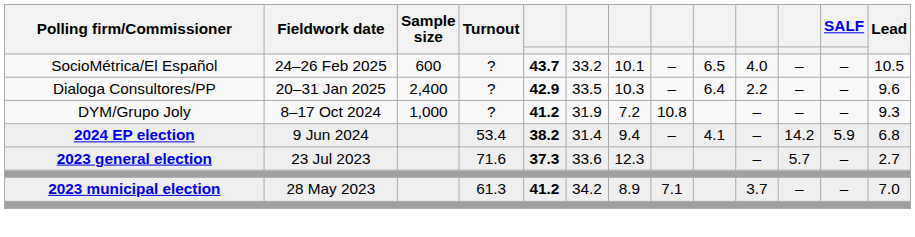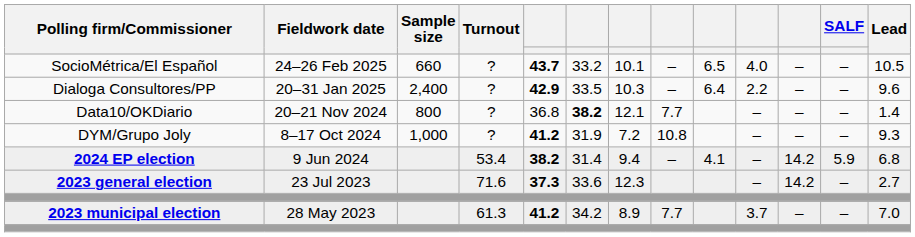 <table class="wikitable collapsible" style="text-align:center; font-size:95%; line-height:16px;">
 <tr style="height:42px;">
 <th style="width:250px;" rowspan="2">Polling firm/Commissioner</th>
 <th style="width:125px;" rowspan="2">Fieldwork date</th>
 <th style="width:50px;" rowspan="2">Sample size</th>
 <th style="width:45px;" rowspan="2">Turnout</th>
 <th style="width:35px;"></th>
 <th style="width:35px;"></th>
 <th style="width:35px;"></th>
 <th style="width:35px;"></th>
 <th style="width:35px;"></th>
 <th style="width:35px;"></th>
 <th style="width:35px;"></th>
 <th style="width:35px;"><a href='#'>SALF</a></th>
 <th style="width:30px;" rowspan="2">Lead</th>
 </tr>
 <tr>
 <th style="color:inherit;background:"></th>
 <th style="color:inherit;background:"></th>
 <th style="color:inherit;background:"></th>
 <th style="color:inherit;background:"></th>
 <th style="color:inherit;background:"></th>
 <th style="color:inherit;background:"></th>
 <th style="color:inherit;background:"></th>
 <th style="color:inherit;background:"></th>
 </tr>
 <tr>
 <td>SocioMétrica/El Español</td>
 <td>24–26 Feb 2025</td>
-<td>600</td>
+<td>660</td>
 <td>?</td>
 <td><strong>43.7</strong><br></td>
 <td>33.2<br></td>
 <td>10.1<br></td>
 <td>–</td>
 <td>6.5<br></td>
 <td>4.0<br></td>
 <td>–</td>
 <td>–</td>
 <td style="background:">10.5</td>
 </tr>
 <tr>
 <td>Dialoga Consultores/PP</td>
 <td>20–31 Jan 2025</td>
 <td>2,400</td>
 <td>?</td>
 <td><strong>42.9</strong><br></td>
 <td>33.5<br></td>
 <td>10.3<br></td>
 <td>–</td>
 <td>6.4<br></td>
 <td>2.2<br></td>
 <td>–</td>
 <td>–</td>
 <td style="background:">9.6</td>
+</tr>
+<tr>
+<td>Data10/OKDiario</td>
+<td>20–21 Nov 2024</td>
+<td>800</td>
+<td>?</td>
+<td>36.8<br></td>
+<td><strong>38.2</strong><br></td>
+<td>12.1<br></td>
+<td>7.7<br></td>
+<td></td>
+<td>–</td>
+<td>–</td>
+<td>–</td>
+<td style="background:">1.4</td>
 </tr>
 <tr>
 <td>DYM/Grupo Joly</td>
 <td>8–17 Oct 2024</td>
 <td>1,000</td>
 <td>?</td>
 <td><strong>41.2</strong><br></td>
 <td>31.9<br></td>
 <td>7.2<br></td>
 <td>10.8<br></td>
 <td></td>
 <td>–</td>
 <td>–</td>
 <td>–</td>
 <td style="background:">9.3</td>
 </tr>
 <tr style="background:#EFEFEF;">
 <td><strong><a href='#'>2024 EP election</a></strong></td>
 <td>9 Jun 2024</td>
 <td></td>
 <td>53.4</td>
 <td><strong>38.2</strong><br></td>
 <td>31.4<br></td>
 <td>9.4<br></td>
 <td>–</td>
 <td>4.1<br></td>
 <td>–</td>
 <td>14.2<br></td>
 <td>5.9<br></td>
 <td style="background:">6.8</td>
 </tr>
 <tr style="background:#EFEFEF;">
 <td><strong><a href='#'>2023 general election</a></strong></td>
 <td>23 Jul 2023</td>
 <td></td>
 <td>71.6</td>
 <td><strong>37.3</strong><br></td>
 <td>33.6<br></td>
 <td>12.3<br></td>
 <td></td>
 <td></td>
 <td>–</td>
-<td>5.7<br></td>
+<td>14.2<br></td>
 <td>–</td>
 <td style="background:">2.7</td>
 </tr>
 <tr>
 <td colspan="13" style="background:#A0A0A0"></td>
 </tr>
 <tr style="background:#EFEFEF;">
 <td><strong><a href='#'>2023 municipal election</a></strong></td>
 <td>28 May 2023</td>
 <td></td>
 <td>61.3</td>
 <td><strong>41.2</strong><br></td>
 <td>34.2<br></td>
 <td>8.9<br></td>
-<td>7.1<br></td>
+<td>7.7<br></td>
 <td></td>
 <td>3.7<br></td>
 <td>–</td>
 <td>–</td>
 <td style="background:">7.0</td>
 </tr>
 <tr>
 <td colspan="13" style="background:#A0A0A0"></td>
 </tr>
 </table>
